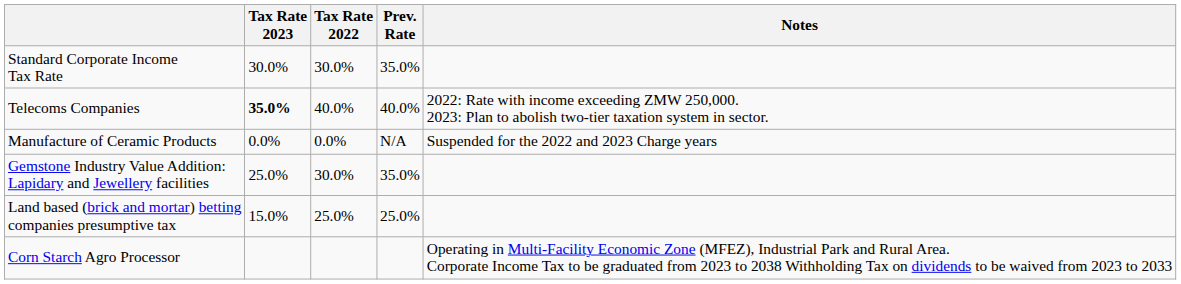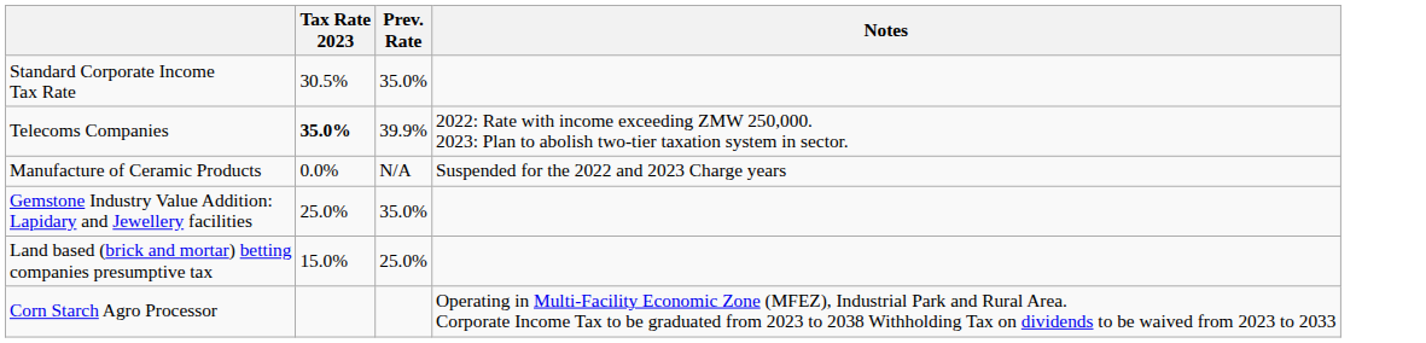 <table class="wikitable">
 <tr>
 <th></th>
 <th>Tax Rate<br>2023</th>
-<th>Tax Rate<br>2022</th>
 <th>Prev.<br>Rate</th>
 <th><strong>Notes</strong></th>
 </tr>
 <tr>
 <td>Standard Corporate Income<br>Tax Rate</td>
-<td>30.0%</td>
-<td>30.0%</td>
+<td>30.5%</td>
 <td>35.0%</td>
 <td></td>
 </tr>
 <tr>
 <td>Telecoms Companies</td>
 <td><strong>35.0%</strong></td>
-<td>40.0%</td>
-<td>40.0%</td>
+<td>39.9%</td>
 <td>2022: Rate with income exceeding ZMW 250,000.<br>2023: Plan to abolish two-tier taxation system in sector.</td>
 </tr>
 <tr>
 <td>Manufacture of Ceramic Products</td>
-<td>0.0%</td>
 <td>0.0%</td>
 <td>N/A</td>
 <td>Suspended for the 2022 and 2023 Charge years</td>
 </tr>
 <tr>
 <td><a href='#'>Gemstone</a> Industry Value Addition:<br><a href='#'>Lapidary</a> and <a href='#'>Jewellery</a> facilities</td>
 <td>25.0%</td>
-<td>30.0%</td>
 <td>35.0%</td>
 <td></td>
 </tr>
 <tr>
 <td>Land based (<a href='#'>brick and mortar</a>) <a href='#'>betting</a><br>companies presumptive tax</td>
 <td>15.0%</td>
 <td>25.0%</td>
-<td>25.0%</td>
 <td></td>
 </tr>
 <tr>
 <td><a href='#'>Corn Starch</a> Agro Processor</td>
 <td></td>
 <td></td>
-<td></td>
 <td>Operating in <a href='#'>Multi-Facility Economic Zone</a> (MFEZ), Industrial Park and Rural Area.<br>Corporate Income Tax to be graduated from 2023 to 2038 Withholding Tax on <a href='#'>dividends</a> to be waived from 2023 to 2033</td>
 </tr>
 </table>
